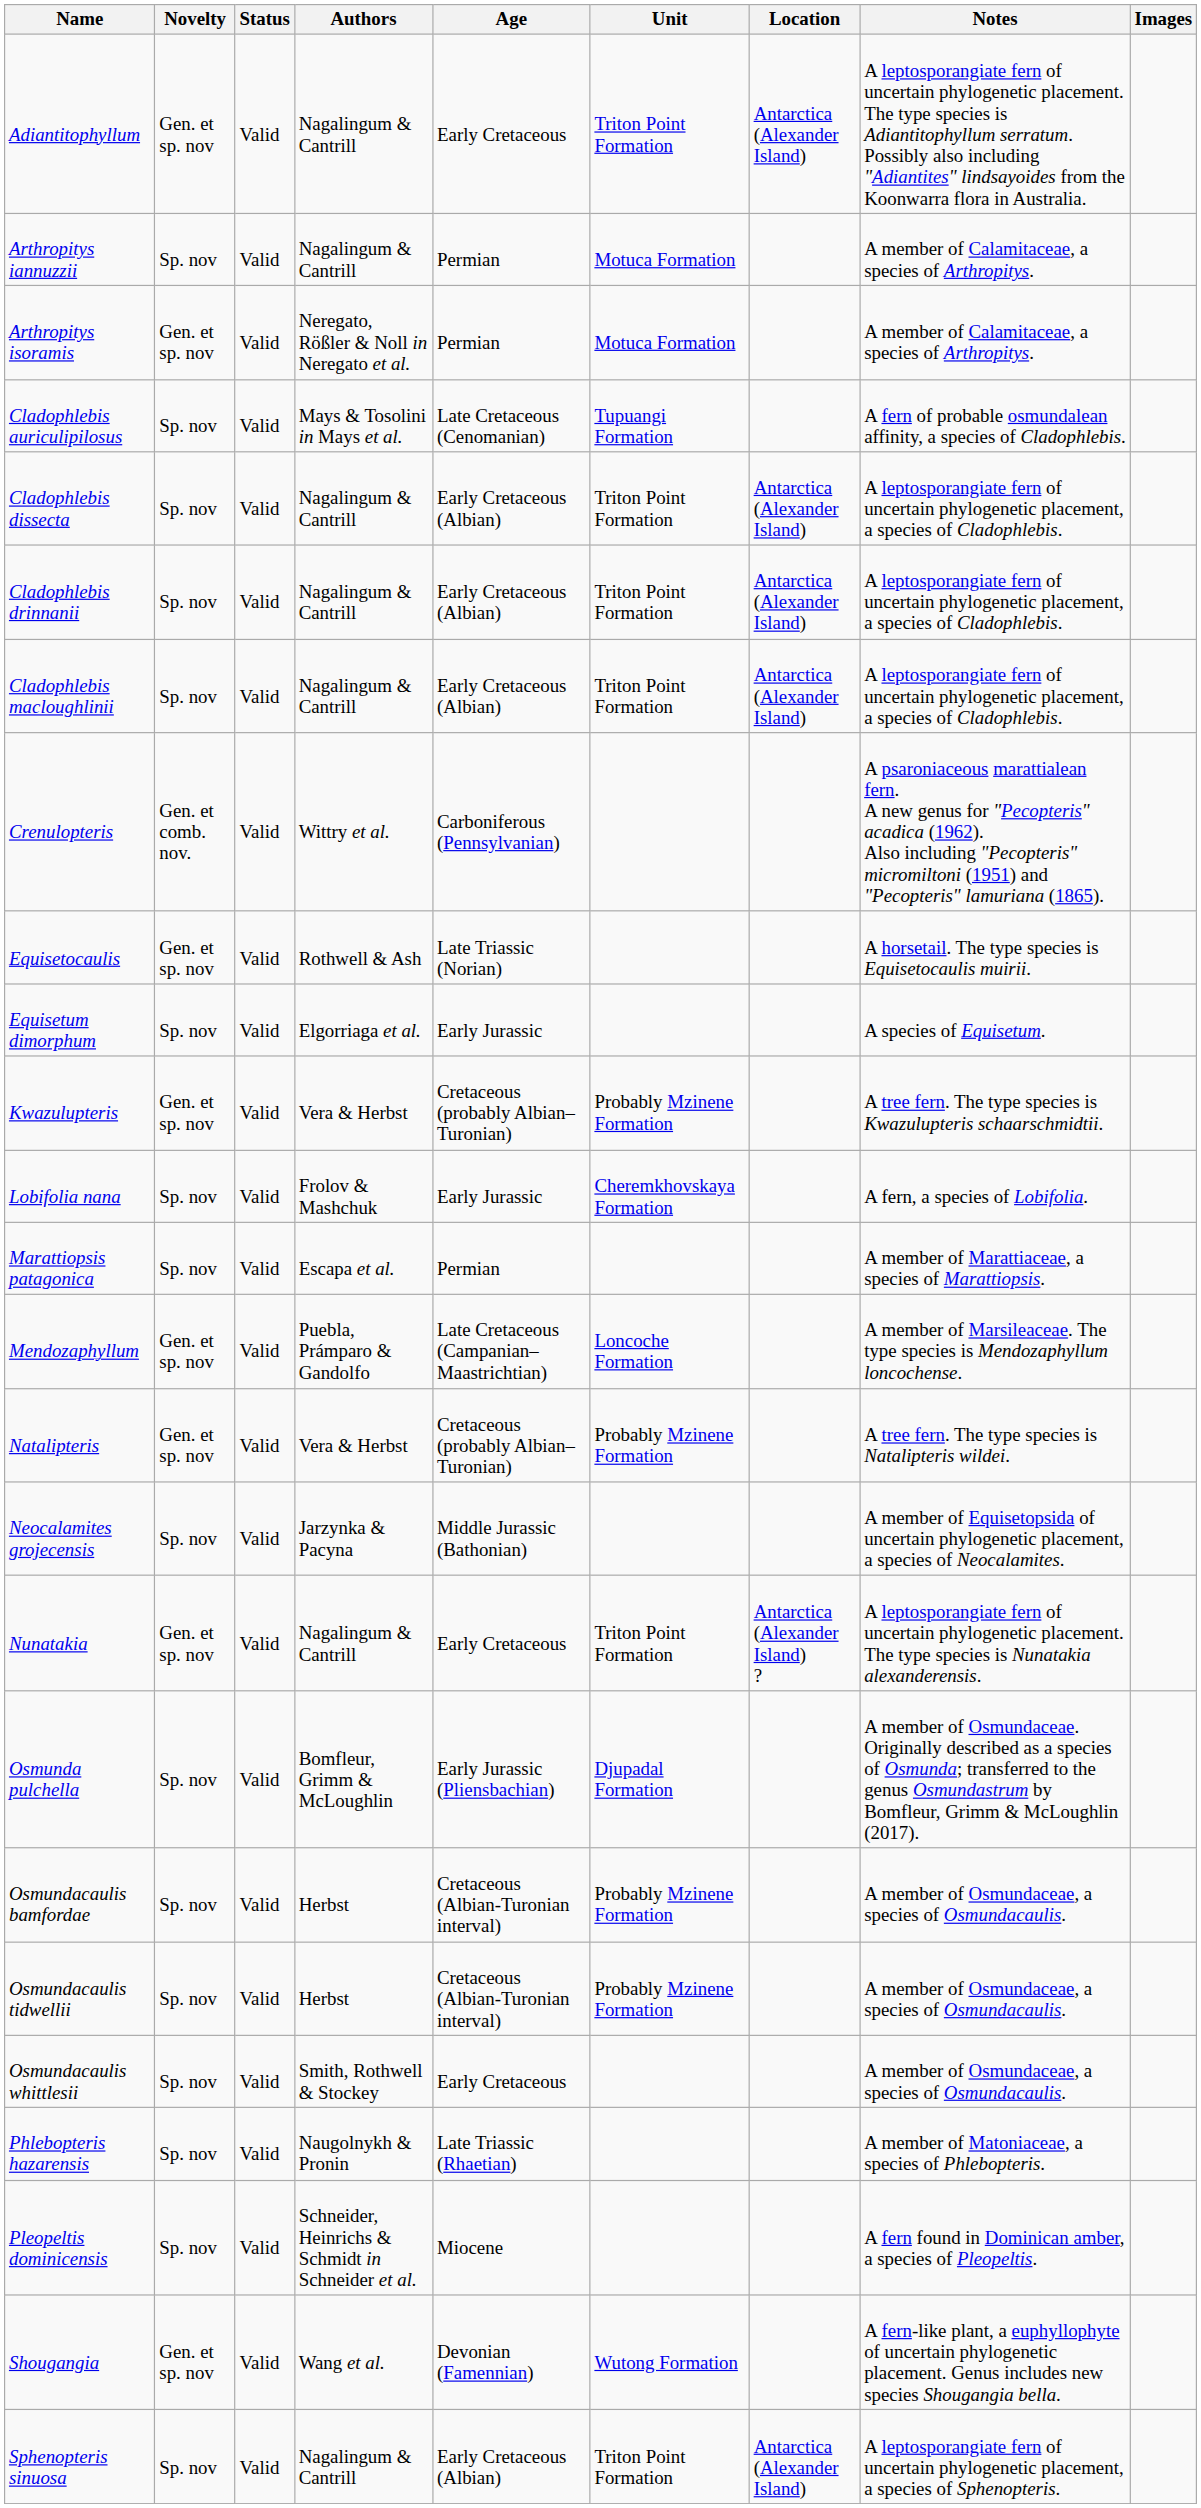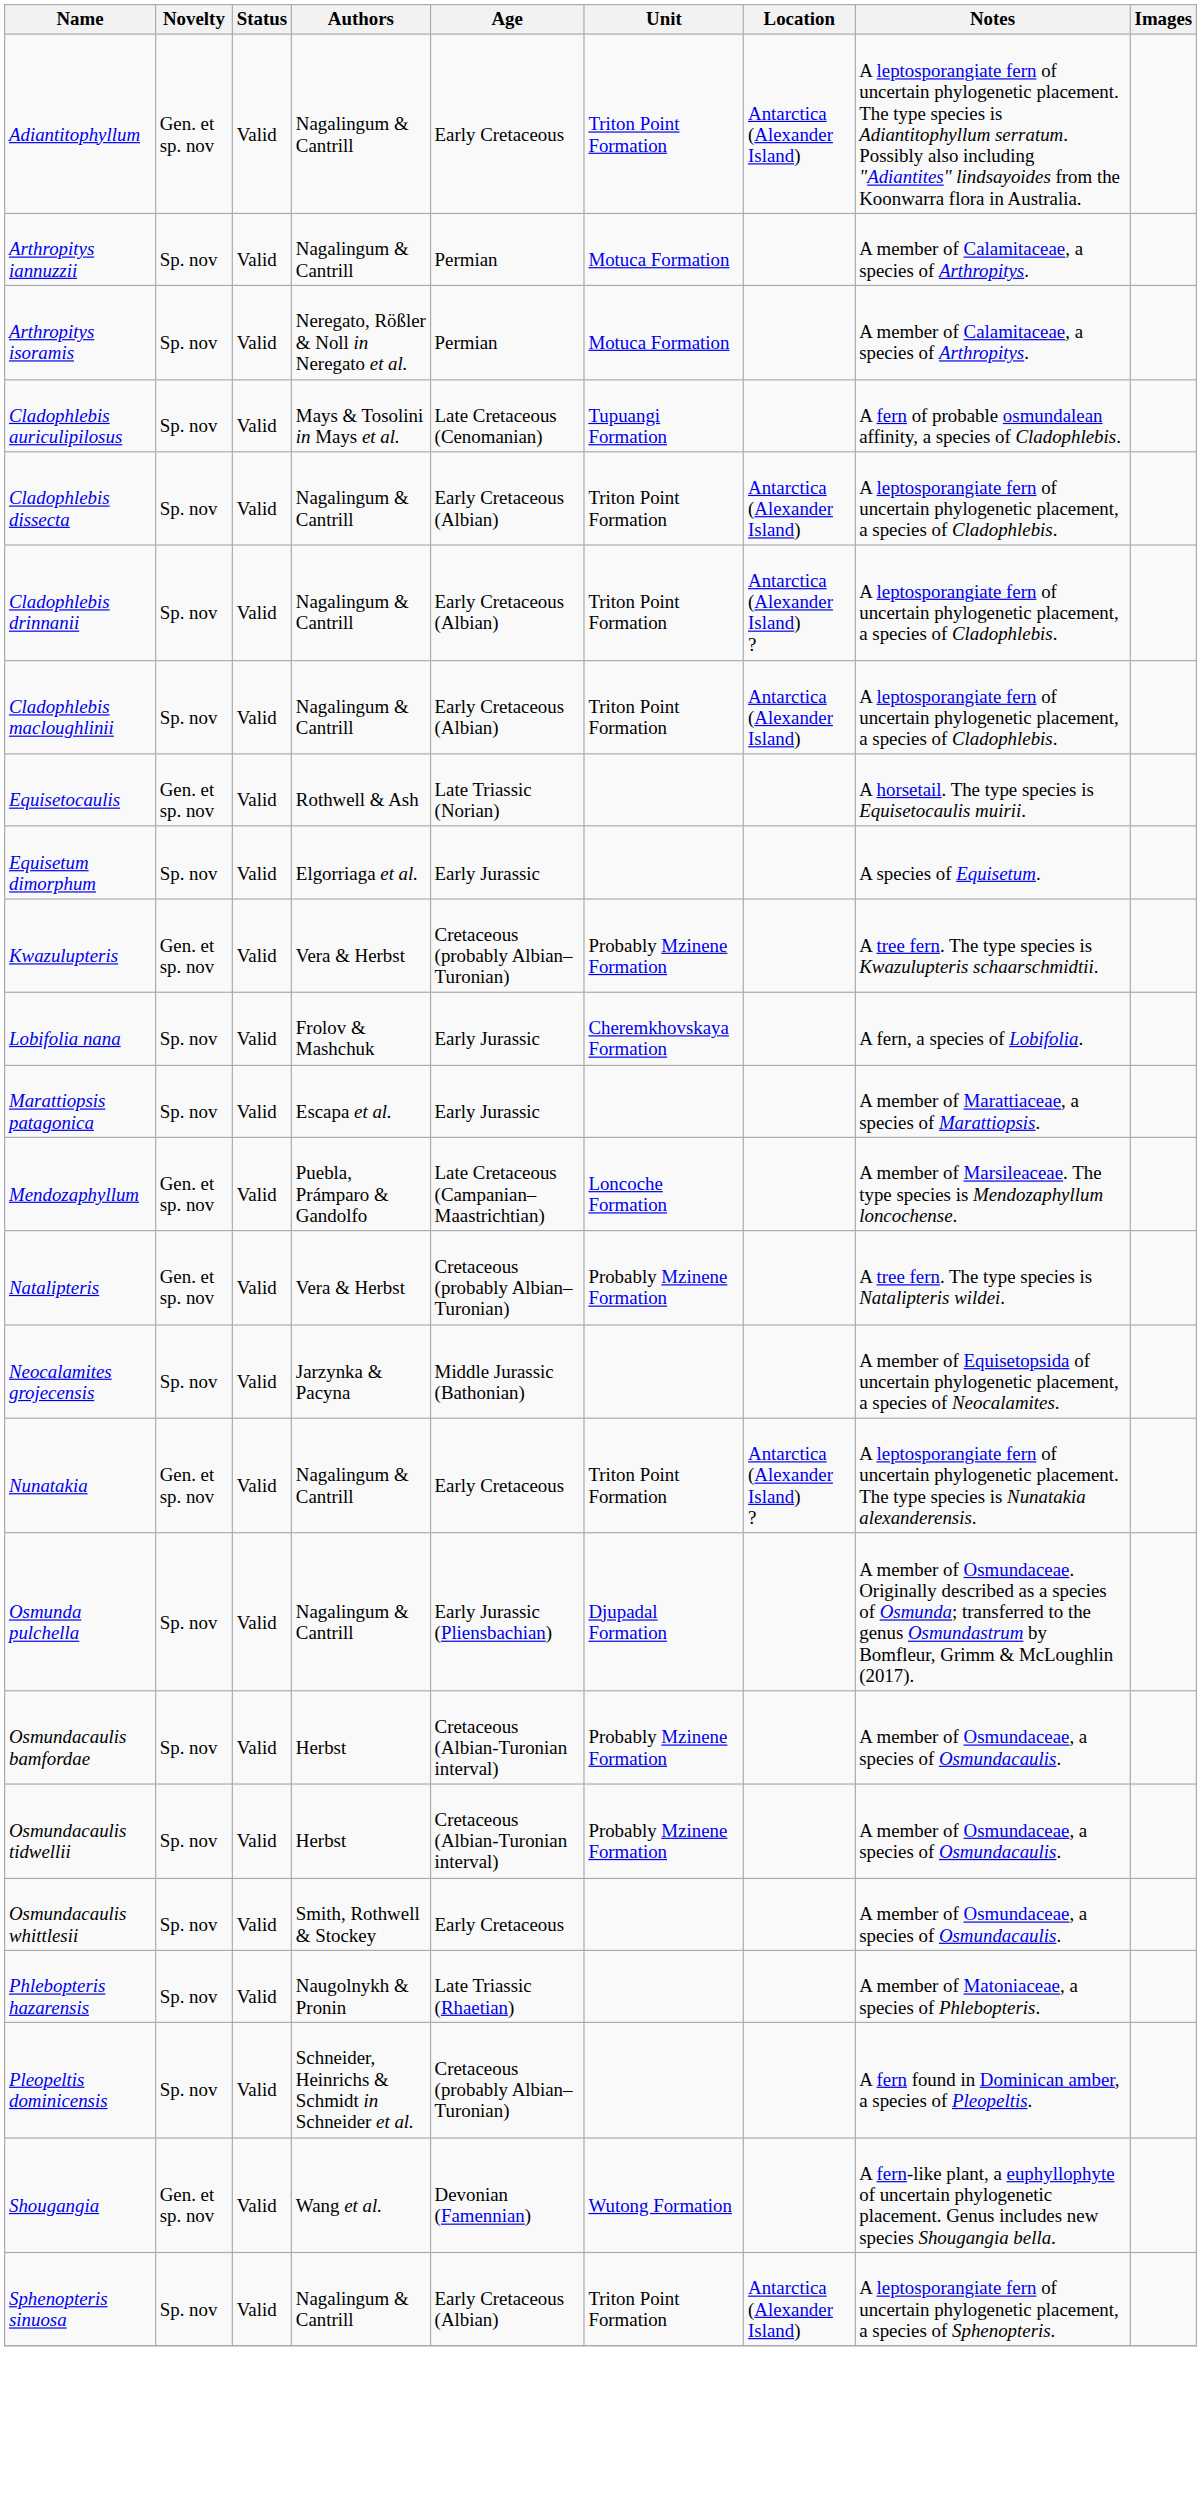 <table class="wikitable sortable" align="center" width="80%">
 <tr>
 <th>Name</th>
 <th>Novelty</th>
 <th>Status</th>
 <th>Authors</th>
 <th>Age</th>
 <th>Unit</th>
 <th>Location</th>
 <th>Notes</th>
 <th>Images</th>
 </tr>
 <tr>
 <td><br><em><a href='#'>Adiantitophyllum</a></em></td>
 <td><br>Gen. et sp. nov</td>
 <td><br>Valid</td>
 <td><br>Nagalingum & Cantrill</td>
 <td><br>Early Cretaceous</td>
 <td><br><a href='#'>Triton Point Formation</a></td>
 <td><br><a href='#'>Antarctica</a> (<a href='#'>Alexander Island</a>)</td>
 <td><br>A <a href='#'>leptosporangiate fern</a> of uncertain phylogenetic placement.<br> The type species is <em>Adiantitophyllum serratum</em>.<br> Possibly also including <em>"<a href='#'>Adiantites</a>" lindsayoides</em> from the Koonwarra flora in Australia.</td>
 <td></td>
 </tr>
 <tr>
 <td><br><em><a href='#'>Arthropitys iannuzzii</a></em></td>
 <td><br>Sp. nov</td>
 <td><br>Valid</td>
 <td><br>Nagalingum & Cantrill</td>
 <td><br>Permian</td>
 <td><br><a href='#'>Motuca Formation</a></td>
 <td><br></td>
 <td><br>A member of <a href='#'>Calamitaceae</a>, a species of <em><a href='#'>Arthropitys</a></em>.</td>
 <td></td>
 </tr>
 <tr>
 <td><br><em><a href='#'>Arthropitys isoramis</a></em></td>
-<td><br>Gen. et sp. nov</td>
+<td><br>Sp. nov</td>
 <td><br>Valid</td>
 <td><br>Neregato, Rößler & Noll <em>in</em> Neregato <em>et al.</em></td>
 <td><br>Permian</td>
 <td><br><a href='#'>Motuca Formation</a></td>
 <td><br></td>
 <td><br>A member of <a href='#'>Calamitaceae</a>, a species of <em><a href='#'>Arthropitys</a></em>.</td>
 <td></td>
 </tr>
 <tr>
 <td><br><em><a href='#'>Cladophlebis auriculipilosus</a></em></td>
 <td><br>Sp. nov</td>
 <td><br>Valid</td>
 <td><br>Mays & Tosolini <em>in</em> Mays <em>et al.</em></td>
 <td><br>Late Cretaceous (Cenomanian)</td>
 <td><br><a href='#'>Tupuangi Formation</a></td>
 <td><br></td>
 <td><br>A <a href='#'>fern</a> of probable <a href='#'>osmundalean</a> affinity, a species of <em>Cladophlebis</em>.</td>
 <td></td>
 </tr>
 <tr>
 <td><br><em><a href='#'>Cladophlebis dissecta</a></em></td>
 <td><br>Sp. nov</td>
 <td><br>Valid</td>
 <td><br>Nagalingum & Cantrill</td>
 <td><br>Early Cretaceous (Albian)</td>
 <td><br>Triton Point Formation</td>
 <td><br><a href='#'>Antarctica</a> (<a href='#'>Alexander Island</a>)</td>
 <td><br>A <a href='#'>leptosporangiate fern</a> of uncertain phylogenetic placement, a species of <em>Cladophlebis</em>.</td>
 <td></td>
 </tr>
 <tr>
 <td><br><em><a href='#'>Cladophlebis drinnanii</a></em></td>
 <td><br>Sp. nov</td>
 <td><br>Valid</td>
 <td><br>Nagalingum & Cantrill</td>
 <td><br>Early Cretaceous (Albian)</td>
 <td><br>Triton Point Formation</td>
-<td><br><a href='#'>Antarctica</a> (<a href='#'>Alexander Island</a>)</td>
+<td><br><a href='#'>Antarctica</a> (<a href='#'>Alexander Island</a>)<br> ?</td>
 <td><br>A <a href='#'>leptosporangiate fern</a> of uncertain phylogenetic placement, a species of <em>Cladophlebis</em>.</td>
 <td></td>
 </tr>
 <tr>
 <td><br><em><a href='#'>Cladophlebis macloughlinii</a></em></td>
 <td><br>Sp. nov</td>
 <td><br>Valid</td>
 <td><br>Nagalingum & Cantrill</td>
 <td><br>Early Cretaceous (Albian)</td>
 <td><br>Triton Point Formation</td>
 <td><br><a href='#'>Antarctica</a> (<a href='#'>Alexander Island</a>)</td>
 <td><br>A <a href='#'>leptosporangiate fern</a> of uncertain phylogenetic placement, a species of <em>Cladophlebis</em>.</td>
-<td></td>
-</tr>
-<tr>
-<td><br><em><a href='#'>Crenulopteris</a></em></td>
-<td><br>Gen. et comb. nov.</td>
-<td><br>Valid</td>
-<td><br>Wittry <em>et al.</em></td>
-<td><br>Carboniferous (<a href='#'>Pennsylvanian</a>)</td>
-<td></td>
-<td></td>
-<td><br>A <a href='#'>psaroniaceous</a> <a href='#'>marattialean</a> <a href='#'>fern</a>.<br> A new genus for <em>"<a href='#'>Pecopteris</a>" acadica</em> (<a href='#'>1962</a>).<br> Also including <em>"Pecopteris" micromiltoni</em> (<a href='#'>1951</a>) and <em>"Pecopteris" lamuriana</em> (<a href='#'>1865</a>).</td>
 <td></td>
 </tr>
 <tr>
 <td><br><em><a href='#'>Equisetocaulis</a></em></td>
 <td><br>Gen. et sp. nov</td>
 <td><br>Valid</td>
 <td><br>Rothwell & Ash</td>
 <td><br>Late Triassic (Norian)</td>
 <td></td>
 <td><br></td>
 <td><br>A <a href='#'>horsetail</a>. The type species is <em>Equisetocaulis muirii</em>.</td>
 <td></td>
 </tr>
 <tr>
 <td><br><em><a href='#'>Equisetum dimorphum</a></em></td>
 <td><br>Sp. nov</td>
 <td><br>Valid</td>
 <td><br>Elgorriaga <em>et al.</em></td>
 <td><br>Early Jurassic</td>
 <td></td>
 <td><br></td>
 <td><br>A species of <em><a href='#'>Equisetum</a></em>.</td>
 <td></td>
 </tr>
 <tr>
 <td><br><em><a href='#'>Kwazulupteris</a></em></td>
 <td><br>Gen. et sp. nov</td>
 <td><br>Valid</td>
 <td><br>Vera & Herbst</td>
 <td><br>Cretaceous (probably Albian–Turonian)</td>
 <td><br>Probably <a href='#'>Mzinene Formation</a></td>
 <td><br></td>
 <td><br>A <a href='#'>tree fern</a>. The type species is <em>Kwazulupteris schaarschmidtii</em>.</td>
 <td></td>
 </tr>
 <tr>
 <td><br><em><a href='#'>Lobifolia nana</a></em></td>
 <td><br>Sp. nov</td>
 <td><br>Valid</td>
 <td><br>Frolov & Mashchuk</td>
 <td><br>Early Jurassic</td>
 <td><br><a href='#'>Cheremkhovskaya Formation</a></td>
 <td><br></td>
 <td><br>A fern, a species of <em><a href='#'>Lobifolia</a></em>.</td>
 <td></td>
 </tr>
 <tr>
 <td><br><em><a href='#'>Marattiopsis patagonica</a></em></td>
 <td><br>Sp. nov</td>
 <td><br>Valid</td>
 <td><br>Escapa <em>et al.</em></td>
-<td><br>Permian</td>
+<td><br>Early Jurassic</td>
 <td></td>
 <td><br></td>
 <td><br>A member of <a href='#'>Marattiaceae</a>, a species of <em><a href='#'>Marattiopsis</a></em>.</td>
 <td></td>
 </tr>
 <tr>
 <td><br><em><a href='#'>Mendozaphyllum</a></em></td>
 <td><br>Gen. et sp. nov</td>
 <td><br>Valid</td>
 <td><br>Puebla, Prámparo & Gandolfo</td>
 <td><br>Late Cretaceous (Campanian–Maastrichtian)</td>
 <td><br><a href='#'>Loncoche Formation</a></td>
 <td><br></td>
 <td><br>A member of <a href='#'>Marsileaceae</a>. The type species is <em>Mendozaphyllum loncochense</em>.</td>
 <td></td>
 </tr>
 <tr>
 <td><br><em><a href='#'>Natalipteris</a></em></td>
 <td><br>Gen. et sp. nov</td>
 <td><br>Valid</td>
 <td><br>Vera & Herbst</td>
 <td><br>Cretaceous (probably Albian–Turonian)</td>
 <td><br>Probably <a href='#'>Mzinene Formation</a></td>
 <td><br></td>
 <td><br>A <a href='#'>tree fern</a>. The type species is <em>Natalipteris wildei</em>.</td>
 <td></td>
 </tr>
 <tr>
 <td><br><em><a href='#'>Neocalamites grojecensis</a></em></td>
 <td><br>Sp. nov</td>
 <td><br>Valid</td>
 <td><br>Jarzynka & Pacyna</td>
 <td><br>Middle Jurassic (Bathonian)</td>
 <td></td>
 <td><br></td>
 <td><br>A member of <a href='#'>Equisetopsida</a> of uncertain phylogenetic placement, a species of <em>Neocalamites</em>.</td>
 <td></td>
 </tr>
 <tr>
 <td><br><em><a href='#'>Nunatakia</a></em></td>
 <td><br>Gen. et sp. nov</td>
 <td><br>Valid</td>
 <td><br>Nagalingum & Cantrill</td>
 <td><br>Early Cretaceous</td>
 <td><br>Triton Point Formation</td>
 <td><br><a href='#'>Antarctica</a> (<a href='#'>Alexander Island</a>)<br> ?</td>
 <td><br>A <a href='#'>leptosporangiate fern</a> of uncertain phylogenetic placement. The type species is <em>Nunatakia alexanderensis</em>.</td>
 <td></td>
 </tr>
 <tr>
 <td><br><em><a href='#'>Osmunda pulchella</a></em></td>
 <td><br>Sp. nov</td>
 <td><br>Valid</td>
-<td><br>Bomfleur, Grimm & McLoughlin</td>
+<td><br>Nagalingum & Cantrill</td>
 <td><br>Early Jurassic (<a href='#'>Pliensbachian</a>)</td>
 <td><br><a href='#'>Djupadal Formation</a></td>
 <td><br></td>
 <td><br>A member of <a href='#'>Osmundaceae</a>. Originally described as a species of <em><a href='#'>Osmunda</a></em>; transferred to the genus <em><a href='#'>Osmundastrum</a></em> by Bomfleur, Grimm & McLoughlin (2017).</td>
 <td></td>
 </tr>
 <tr>
 <td><br><em>Osmundacaulis bamfordae</em></td>
 <td><br>Sp. nov</td>
 <td><br>Valid</td>
 <td><br>Herbst</td>
 <td><br>Cretaceous (Albian-Turonian interval)</td>
 <td><br>Probably <a href='#'>Mzinene Formation</a></td>
 <td><br></td>
 <td><br>A member of <a href='#'>Osmundaceae</a>, a species of <em><a href='#'>Osmundacaulis</a></em>.</td>
 <td></td>
 </tr>
 <tr>
 <td><br><em>Osmundacaulis tidwellii</em></td>
 <td><br>Sp. nov</td>
 <td><br>Valid</td>
 <td><br>Herbst</td>
 <td><br>Cretaceous (Albian-Turonian interval)</td>
 <td><br>Probably <a href='#'>Mzinene Formation</a></td>
 <td><br></td>
 <td><br>A member of <a href='#'>Osmundaceae</a>, a species of <em><a href='#'>Osmundacaulis</a></em>.</td>
 <td></td>
 </tr>
 <tr>
 <td><br><em>Osmundacaulis whittlesii</em></td>
 <td><br>Sp. nov</td>
 <td><br>Valid</td>
 <td><br>Smith, Rothwell & Stockey</td>
 <td><br>Early Cretaceous</td>
 <td></td>
 <td><br></td>
 <td><br>A member of <a href='#'>Osmundaceae</a>, a species of <em><a href='#'>Osmundacaulis</a></em>.</td>
 <td></td>
 </tr>
 <tr>
 <td><br><em><a href='#'>Phlebopteris hazarensis</a></em></td>
 <td><br>Sp. nov</td>
 <td><br>Valid</td>
 <td><br>Naugolnykh & Pronin</td>
 <td><br>Late Triassic (<a href='#'>Rhaetian</a>)</td>
 <td></td>
 <td><br></td>
 <td><br>A member of <a href='#'>Matoniaceae</a>, a species of <em>Phlebopteris</em>.</td>
 <td></td>
 </tr>
 <tr>
 <td><br><em><a href='#'>Pleopeltis dominicensis</a></em></td>
 <td><br>Sp. nov</td>
 <td><br>Valid</td>
 <td><br>Schneider, Heinrichs & Schmidt <em>in</em> Schneider <em>et al.</em></td>
-<td><br>Miocene</td>
+<td><br>Cretaceous (probably Albian–Turonian)</td>
 <td></td>
 <td><br></td>
 <td><br>A <a href='#'>fern</a> found in <a href='#'>Dominican amber</a>, a species of <em><a href='#'>Pleopeltis</a></em>.</td>
 <td></td>
 </tr>
 <tr>
 <td><br><em><a href='#'>Shougangia</a></em></td>
 <td><br>Gen. et sp. nov</td>
 <td><br>Valid</td>
 <td><br>Wang <em>et al.</em></td>
 <td><br>Devonian (<a href='#'>Famennian</a>)</td>
 <td><br><a href='#'>Wutong Formation</a></td>
 <td><br></td>
 <td><br>A <a href='#'>fern</a>-like plant, a <a href='#'>euphyllophyte</a> of uncertain phylogenetic placement. Genus includes new species <em>Shougangia bella</em>.</td>
 <td></td>
 </tr>
 <tr>
 <td><br><em><a href='#'>Sphenopteris sinuosa</a></em></td>
 <td><br>Sp. nov</td>
 <td><br>Valid</td>
 <td><br>Nagalingum & Cantrill</td>
 <td><br>Early Cretaceous (Albian)</td>
 <td><br>Triton Point Formation</td>
 <td><br><a href='#'>Antarctica</a> (<a href='#'>Alexander Island</a>)</td>
 <td><br>A <a href='#'>leptosporangiate fern</a> of uncertain phylogenetic placement, a species of <em>Sphenopteris</em>.</td>
 <td></td>
 </tr>
 <tr>
 </tr>
 </table>
